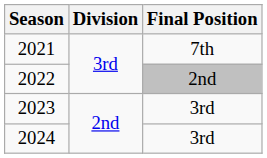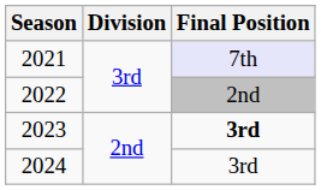 <table class="wikitable sortable">
 <tr>
 <th>Season</th>
 <th>Division</th>
 <th>Final Position</th>
 </tr>
 <tr>
 <td align=center>2021</td>
 <td align=center rowspan=2><a href='#'>3rd</a></td>
-<td align=center>7th</td>
+<td align=center style="background: lavender;">7th</td>
 </tr>
 <tr>
 <td align=center>2022</td>
 <td align=center style="background:silver;">2nd</td>
 </tr>
 <tr>
 <td align=center>2023</td>
 <td align=center rowspan=2><a href='#'>2nd</a></td>
-<td align=center>3rd</td>
+<td align=center><strong>3rd</strong></td>
 </tr>
 <tr>
 <td align=center>2024</td>
 <td align=center>3rd</td>
 </tr>
 </table>
